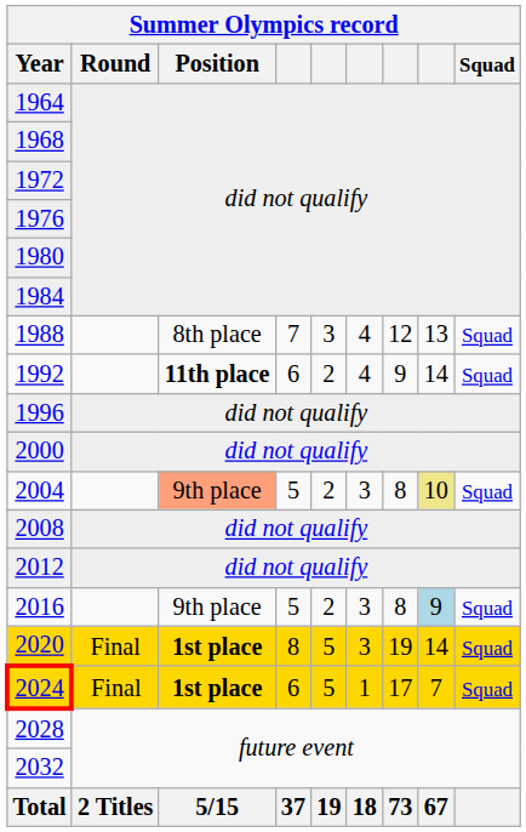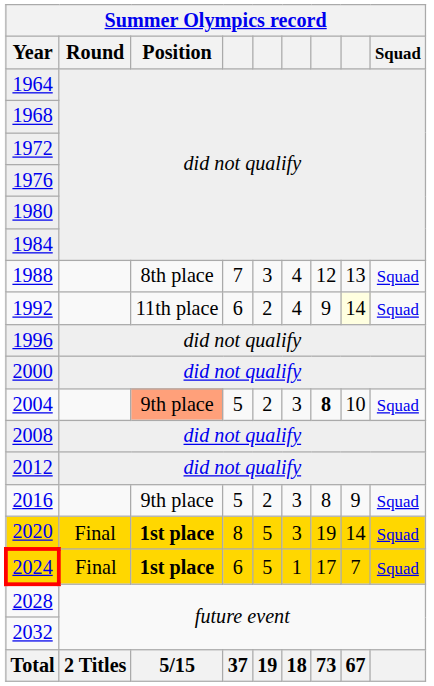 <table class="wikitable" style="text-align:center">
 <tr>
 <th colspan=9><a href='#'>Summer Olympics record</a></th>
 </tr>
 <tr>
 <th>Year</th>
 <th>Round</th>
 <th>Position</th>
 <th></th>
 <th></th>
 <th></th>
 <th></th>
 <th></th>
 <th><small>Squad</small></th>
 </tr>
 <tr bgcolor="efefef">
 <td> <a href='#'>1964</a></td>
 <td colspan=8 rowspan=6 align=center><em>did not qualify</em></td>
 </tr>
 <tr bgcolor="efefef">
 <td> <a href='#'>1968</a></td>
 </tr>
 <tr bgcolor="efefef">
 <td> <a href='#'>1972</a></td>
 </tr>
 <tr bgcolor="efefef">
 <td> <a href='#'>1976</a></td>
 </tr>
 <tr bgcolor="efefef">
 <td> <a href='#'>1980</a></td>
 </tr>
 <tr bgcolor="efefef">
 <td> <a href='#'>1984</a></td>
 </tr>
 <tr>
 <td> <a href='#'>1988</a></td>
 <td></td>
 <td>8th place</td>
 <td>7</td>
 <td>3</td>
 <td>4</td>
 <td>12</td>
 <td>13</td>
 <td><small><a href='#'>Squad</a></small></td>
 </tr>
 <tr>
 <td> <a href='#'>1992</a></td>
 <td></td>
-<td><strong>11th place</strong></td>
+<td>11th place</td>
 <td>6</td>
 <td>2</td>
 <td>4</td>
 <td>9</td>
-<td>14</td>
+<td style="background: lightyellow;">14</td>
 <td><small><a href='#'>Squad</a></small></td>
 </tr>
 <tr bgcolor="efefef">
 <td> <a href='#'>1996</a></td>
 <td colspan=8 align=center><em>did not qualify</em></td>
 </tr>
 <tr bgcolor="efefef">
 <td> <a href='#'>2000</a></td>
 <td colspan=8 align=center><a href='#'><em>did not qualify</em></a></td>
 </tr>
 <tr>
 <td> <a href='#'>2004</a></td>
 <td></td>
 <td style="background: lightsalmon;">9th place</td>
 <td>5</td>
 <td>2</td>
 <td>3</td>
-<td>8</td>
-<td style="background: khaki;">10</td>
+<td><strong>8</strong></td>
+<td>10</td>
 <td><small><a href='#'>Squad</a></small></td>
 </tr>
 <tr bgcolor="efefef">
 <td> <a href='#'>2008</a></td>
 <td colspan=8 align=center><a href='#'><em>did not qualify</em></a></td>
 </tr>
 <tr bgcolor="efefef">
 <td> <a href='#'>2012</a></td>
 <td colspan=8 align=center><a href='#'><em>did not qualify</em></a></td>
 </tr>
 <tr>
 <td> <a href='#'>2016</a></td>
 <td></td>
 <td>9th place</td>
 <td>5</td>
 <td>2</td>
 <td>3</td>
 <td>8</td>
-<td style="background: lightblue;">9</td>
+<td>9</td>
 <td><small><a href='#'>Squad</a></small></td>
 </tr>
 <tr bgcolor=gold>
 <td> <a href='#'>2020</a></td>
 <td>Final</td>
 <td><strong>1st place</strong></td>
 <td>8</td>
 <td>5</td>
 <td>3</td>
 <td>19</td>
 <td>14</td>
 <td><small><a href='#'>Squad</a></small></td>
 </tr>
 <tr bgcolor=gold>
 <td style="border:3px solid red"> <a href='#'>2024</a></td>
 <td>Final</td>
 <td><strong>1st place</strong></td>
 <td>6</td>
 <td>5</td>
 <td>1</td>
 <td>17</td>
 <td>7</td>
 <td><small><a href='#'>Squad</a></small></td>
 </tr>
 <tr>
 <td align=center> <a href='#'>2028</a></td>
 <td colspan = 8 rowspan=2><em>future event</em></td>
 </tr>
 <tr>
 <td align=center> <a href='#'>2032</a></td>
 </tr>
 <tr>
 <th colspan=1>Total</th>
 <th>2 Titles</th>
 <th>5/15</th>
 <th>37</th>
 <th>19</th>
 <th>18</th>
 <th>73</th>
 <th>67</th>
 <th></th>
 </tr>
 </table>
